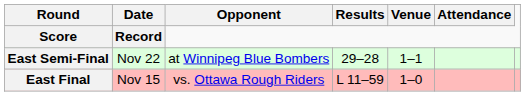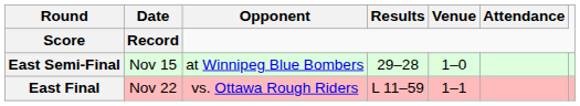 <table class="wikitable" style="text-align:center">
 <tr>
 <th>Round</th>
 <th>Date</th>
 <th>Opponent</th>
 <th>Results</th>
 <th>Venue</th>
 <th>Attendance</th>
 </tr>
 <tr>
 <th>Score</th>
 <th>Record</th>
 </tr>
 <tr style="background:#ddffdd">
 <th>East Semi-Final</th>
-<td>Nov 22</td>
+<td>Nov 15</td>
 <td>at <a href='#'>Winnipeg Blue Bombers</a></td>
 <td>29–28</td>
-<td>1–1</td>
+<td>1–0</td>
 <td></td>
 <td></td>
 </tr>
 <tr style="background:#ffbbbb">
 <th>East Final</th>
-<td>Nov 15</td>
+<td>Nov 22</td>
 <td>vs. <a href='#'>Ottawa Rough Riders</a></td>
 <td>L 11–59</td>
-<td>1–0</td>
+<td>1–1</td>
 <td></td>
 <td></td>
 </tr>
 </table>
